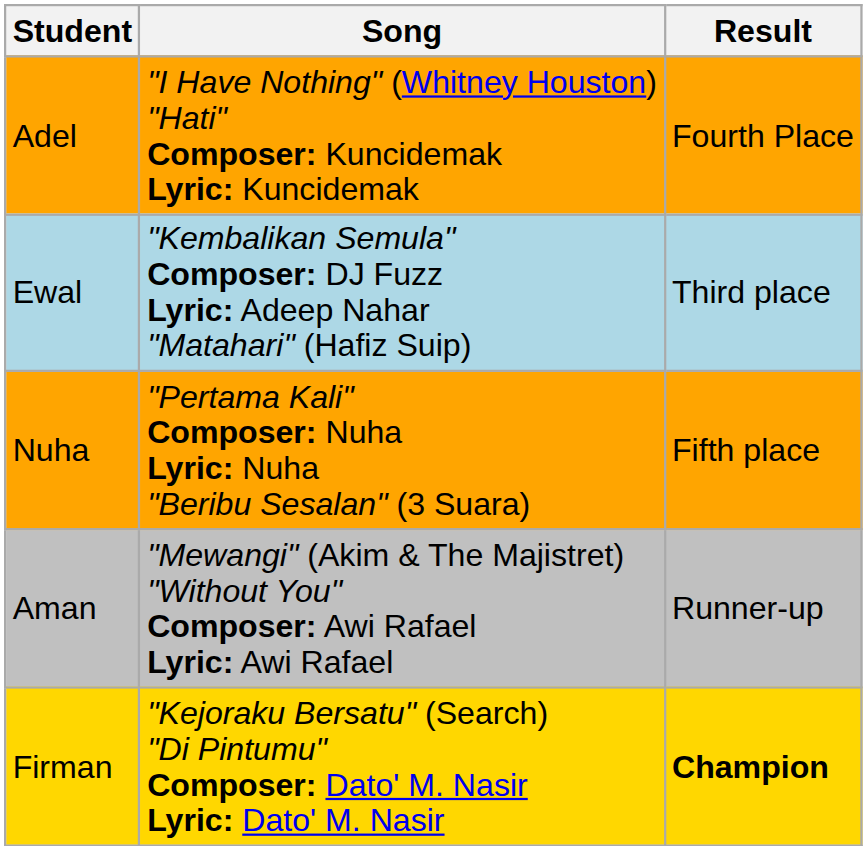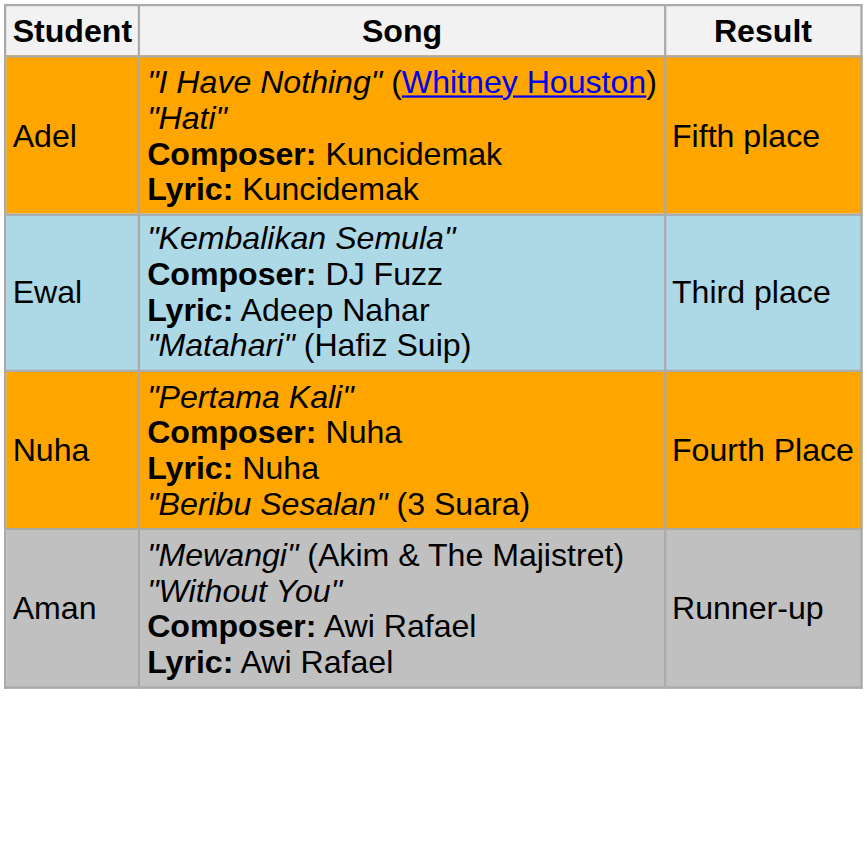 <table class="wikitable" style="font-size:90%;">
 <tr>
 <th>Student</th>
 <th>Song</th>
 <th>Result</th>
 </tr>
 <tr style="background: orange;|">
 <td>Adel</td>
 <td><em>"I Have Nothing"</em> (<a href='#'>Whitney Houston</a>) <br> <em>"Hati"</em> <br> <strong>Composer:</strong> Kuncidemak <br> <strong>Lyric:</strong> Kuncidemak</td>
-<td>Fourth Place</td>
+<td>Fifth place</td>
 </tr>
 <tr style="background: lightblue;|">
 <td>Ewal</td>
 <td><em>"Kembalikan Semula"</em> <br> <strong>Composer:</strong> DJ Fuzz <br> <strong>Lyric:</strong> Adeep Nahar <br> <em>"Matahari"</em> (Hafiz Suip)</td>
 <td>Third place</td>
 </tr>
 <tr style="background: orange;|">
 <td>Nuha</td>
 <td><em>"Pertama Kali"</em> <br> <strong>Composer:</strong> Nuha <br> <strong>Lyric:</strong> Nuha <br> <em>"Beribu Sesalan"</em> (3 Suara)</td>
-<td>Fifth place</td>
+<td>Fourth Place</td>
 </tr>
 <tr style="background: silver;|">
 <td>Aman</td>
 <td><em>"Mewangi"</em> (Akim & The Majistret) <br> <em>"Without You"</em> <br> <strong>Composer:</strong> Awi Rafael <br> <strong>Lyric:</strong> Awi Rafael</td>
 <td>Runner-up</td>
 </tr>
-<tr style="background: gold;|">
-<td>Firman</td>
-<td><em>"Kejoraku Bersatu"</em> (Search) <br> <em>"Di Pintumu"</em> <br> <strong>Composer:</strong> <a href='#'>Dato' M. Nasir</a> <br> <strong>Lyric:</strong> <a href='#'>Dato' M. Nasir</a></td>
-<td><strong>Champion</strong></td>
-</tr>
 <tr>
 </tr>
 </table>
